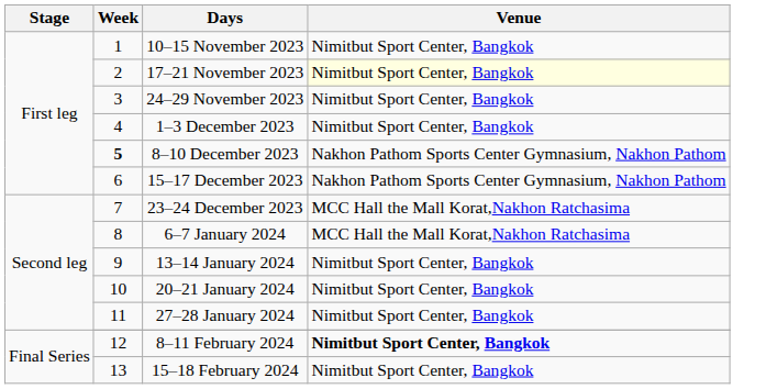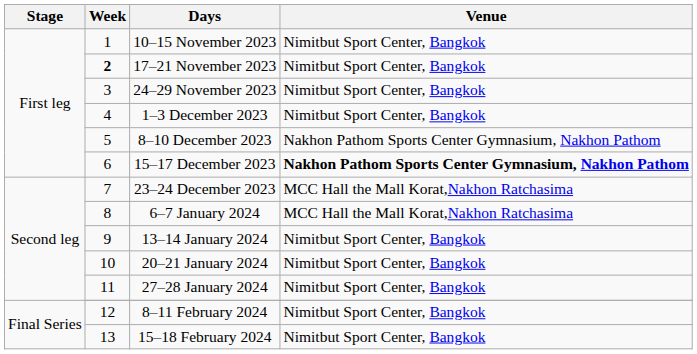 <table class="wikitable" style="text-align:center">
 <tr>
 <th>Stage</th>
 <th>Week</th>
 <th>Days</th>
 <th>Venue</th>
 </tr>
 <tr>
 <td rowspan=6>First leg</td>
 <td>1</td>
 <td>10–15 November 2023</td>
 <td align=left>Nimitbut Sport Center, <a href='#'>Bangkok</a></td>
 </tr>
 <tr>
-<td>2</td>
+<td><strong>2</strong></td>
 <td>17–21 November 2023</td>
-<td align=left style="background: lightyellow;">Nimitbut Sport Center, <a href='#'>Bangkok</a></td>
+<td align=left>Nimitbut Sport Center, <a href='#'>Bangkok</a></td>
 </tr>
 <tr>
 <td>3</td>
 <td>24–29 November 2023</td>
 <td align=left>Nimitbut Sport Center, <a href='#'>Bangkok</a></td>
 </tr>
 <tr>
 <td>4</td>
 <td>1–3 December 2023</td>
 <td align=left>Nimitbut Sport Center, <a href='#'>Bangkok</a></td>
 </tr>
 <tr>
-<td><strong>5</strong></td>
+<td>5</td>
 <td>8–10 December 2023</td>
 <td align=left>Nakhon Pathom Sports Center Gymnasium, <a href='#'>Nakhon Pathom</a></td>
 </tr>
 <tr>
 <td>6</td>
 <td>15–17 December 2023</td>
-<td align=left>Nakhon Pathom Sports Center Gymnasium, <a href='#'>Nakhon Pathom</a></td>
+<td align=left><strong>Nakhon Pathom Sports Center Gymnasium, <a href='#'>Nakhon Pathom</a></strong></td>
 </tr>
 <tr>
 <td rowspan=5>Second leg</td>
 <td>7</td>
 <td>23–24 December 2023</td>
 <td align=left>MCC Hall the Mall Korat,<a href='#'>Nakhon Ratchasima</a></td>
 </tr>
 <tr>
 <td>8</td>
 <td>6–7 January 2024</td>
 <td align=left>MCC Hall the Mall Korat,<a href='#'>Nakhon Ratchasima</a></td>
 </tr>
 <tr>
 <td>9</td>
 <td>13–14 January 2024</td>
 <td align=left>Nimitbut Sport Center, <a href='#'>Bangkok</a></td>
 </tr>
 <tr>
 <td>10</td>
 <td>20–21 January 2024</td>
 <td align=left>Nimitbut Sport Center, <a href='#'>Bangkok</a></td>
 </tr>
 <tr>
 <td>11</td>
 <td>27–28 January 2024</td>
 <td align=left>Nimitbut Sport Center, <a href='#'>Bangkok</a></td>
 </tr>
 <tr>
 <td rowspan=4>Final Series</td>
 </tr>
 <tr>
 <td>12</td>
 <td>8–11 February 2024</td>
-<td align=left><strong>Nimitbut Sport Center, <a href='#'>Bangkok</a></strong></td>
+<td align=left>Nimitbut Sport Center, <a href='#'>Bangkok</a></td>
 </tr>
 <tr>
 <td>13</td>
 <td>15–18 February 2024</td>
 <td align=left>Nimitbut Sport Center, <a href='#'>Bangkok</a></td>
 </tr>
 </table>
